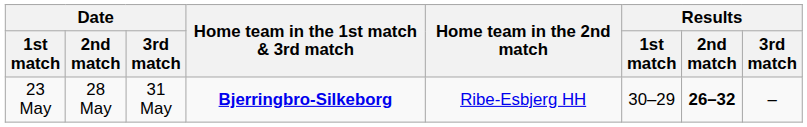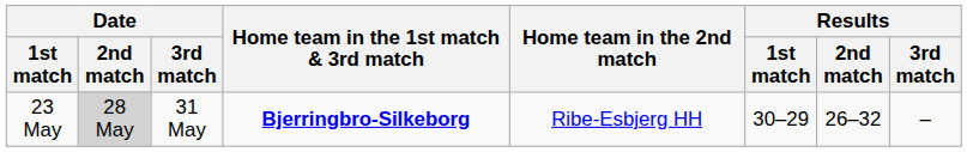 <table class="wikitable" style="text-align:center; margin-left:1em;">
 <tr>
 <th colspan="3">Date</th>
 <th rowspan="2" style="width:220px;">Home team in the 1st match & 3rd match</th>
 <th rowspan="2" style="width:180px;">Home team in the 2nd match</th>
 <th colspan="3">Results</th>
 </tr>
 <tr>
 <th style="width:50px;">1st match</th>
 <th style="width:50px;">2nd match</th>
 <th style="width:50px;">3rd match</th>
 <th style="width:50px;">1st match</th>
 <th style="width:50px;">2nd match</th>
 <th style="width:50px;">3rd match</th>
 </tr>
 <tr>
 <td>23 May</td>
-<td>28 May</td>
+<td style="background: lightgrey;">28 May</td>
 <td>31 May</td>
 <td><strong><a href='#'>Bjerringbro-Silkeborg</a></strong></td>
 <td><a href='#'>Ribe-Esbjerg HH</a></td>
 <td>30–29</td>
-<td><strong>26–32</strong></td>
+<td>26–32</td>
 <td>–</td>
 </tr>
 </table>
